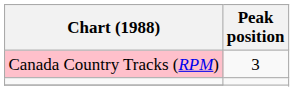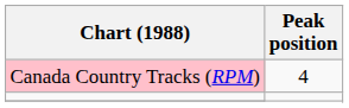 <table class="wikitable sortable">
 <tr>
 <th align="left">Chart (1988)</th>
 <th align="center">Peak<br>position</th>
 </tr>
 <tr>
 <td align="left" style="background: pink;">Canada Country Tracks (<em><a href='#'>RPM</a></em>)</td>
-<td align="center">3</td>
+<td align="center">4</td>
 </tr>
 <tr>
 <td></td>
 </tr>
 <tr>
 </tr>
 </table>
